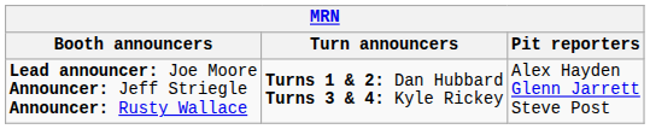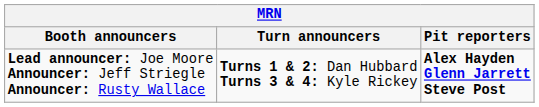 <table class="wikitable" style="font-size: 95%">
 <tr>
 <th colspan="3"><a href='#'>MRN</a></th>
 </tr>
 <tr>
 <th>Booth announcers</th>
 <th>Turn announcers</th>
 <th>Pit reporters</th>
 </tr>
 <tr>
 <td><strong>Lead announcer:</strong> Joe Moore<br><strong>Announcer:</strong> Jeff Striegle<br><strong>Announcer:</strong> <a href='#'>Rusty Wallace</a></td>
 <td><strong>Turns 1 & 2:</strong> Dan Hubbard<br><strong>Turns 3 & 4:</strong> Kyle Rickey</td>
-<td>Alex Hayden<br><a href='#'>Glenn Jarrett</a><br>Steve Post</td>
+<td><strong>Alex Hayden<br><a href='#'>Glenn Jarrett</a><br>Steve Post</strong></td>
 </tr>
 </table>
